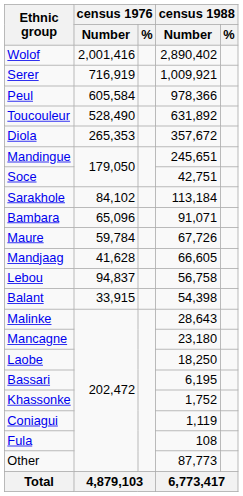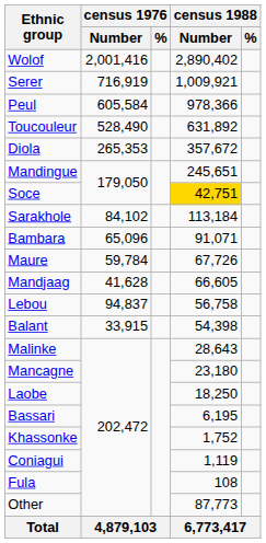 <table class="wikitable" style="text-align: right;">
 <tr bgcolor="#e0e0e0">
 <th rowspan="2">Ethnic<br>group</th>
 <th colspan="2">census 1976 </th>
 <th colspan="2">census 1988</th>
 </tr>
 <tr bgcolor="#e0e0e0">
 <th>Number</th>
 <th>%</th>
 <th>Number</th>
 <th>%</th>
 </tr>
 <tr>
 <td align="left"><a href='#'>Wolof</a></td>
 <td>2,001,416</td>
 <td></td>
 <td>2,890,402</td>
 <td></td>
 </tr>
 <tr>
 <td align="left"><a href='#'>Serer</a></td>
 <td>716,919</td>
 <td></td>
 <td>1,009,921</td>
 <td></td>
 </tr>
 <tr>
 <td align="left"><a href='#'>Peul</a></td>
 <td>605,584</td>
 <td></td>
 <td>978,366</td>
 <td></td>
 </tr>
 <tr>
 <td align="left"><a href='#'>Toucouleur</a></td>
 <td>528,490</td>
 <td></td>
 <td>631,892</td>
 <td></td>
 </tr>
 <tr>
 <td align="left"><a href='#'>Diola</a></td>
 <td>265,353</td>
 <td></td>
 <td>357,672</td>
 <td></td>
 </tr>
 <tr>
 <td align="left"><a href='#'>Mandingue</a></td>
 <td rowspan="2">179,050</td>
 <td rowspan="2"></td>
 <td>245,651</td>
 <td></td>
 </tr>
 <tr>
 <td align="left"><a href='#'>Soce</a></td>
-<td>42,751</td>
+<td style="background: gold;">42,751</td>
 <td></td>
 </tr>
 <tr>
 <td align="left"><a href='#'>Sarakhole</a></td>
 <td>84,102</td>
 <td></td>
 <td>113,184</td>
 <td></td>
 </tr>
 <tr>
 <td align="left"><a href='#'>Bambara</a></td>
 <td>65,096</td>
 <td></td>
 <td>91,071</td>
 <td></td>
 </tr>
 <tr>
 <td align="left"><a href='#'>Maure</a></td>
 <td>59,784</td>
 <td></td>
 <td>67,726</td>
 <td></td>
 </tr>
 <tr>
 <td align="left"><a href='#'>Mandjaag</a></td>
 <td>41,628</td>
 <td></td>
 <td>66,605</td>
 <td></td>
 </tr>
 <tr>
 <td align="left"><a href='#'>Lebou</a></td>
 <td>94,837</td>
 <td></td>
 <td>56,758</td>
 <td></td>
 </tr>
 <tr>
 <td align="left"><a href='#'>Balant</a></td>
 <td>33,915</td>
 <td></td>
 <td>54,398</td>
 <td></td>
 </tr>
 <tr>
 <td align="left"><a href='#'>Malinke</a></td>
 <td rowspan="8">202,472</td>
 <td rowspan="8"></td>
 <td>28,643</td>
 <td></td>
 </tr>
 <tr>
 <td align="left"><a href='#'>Mancagne</a></td>
 <td>23,180</td>
 <td></td>
 </tr>
 <tr>
 <td align="left"><a href='#'>Laobe</a></td>
 <td>18,250</td>
 <td></td>
 </tr>
 <tr>
 <td align="left"><a href='#'>Bassari</a></td>
 <td>6,195</td>
 <td></td>
 </tr>
 <tr>
 <td align="left"><a href='#'>Khassonke</a></td>
 <td>1,752</td>
 <td></td>
 </tr>
 <tr>
 <td align="left"><a href='#'>Coniagui</a></td>
 <td>1,119</td>
 <td></td>
 </tr>
 <tr>
 <td align="left"><a href='#'>Fula</a></td>
 <td>108</td>
 <td></td>
 </tr>
 <tr>
 <td align="left">Other</td>
 <td>87,773</td>
 <td></td>
 </tr>
 <tr bgcolor="#e0e0e0">
 <th align="left">Total</th>
 <th colspan="2">4,879,103</th>
 <th colspan="2">6,773,417</th>
 </tr>
 </table>
